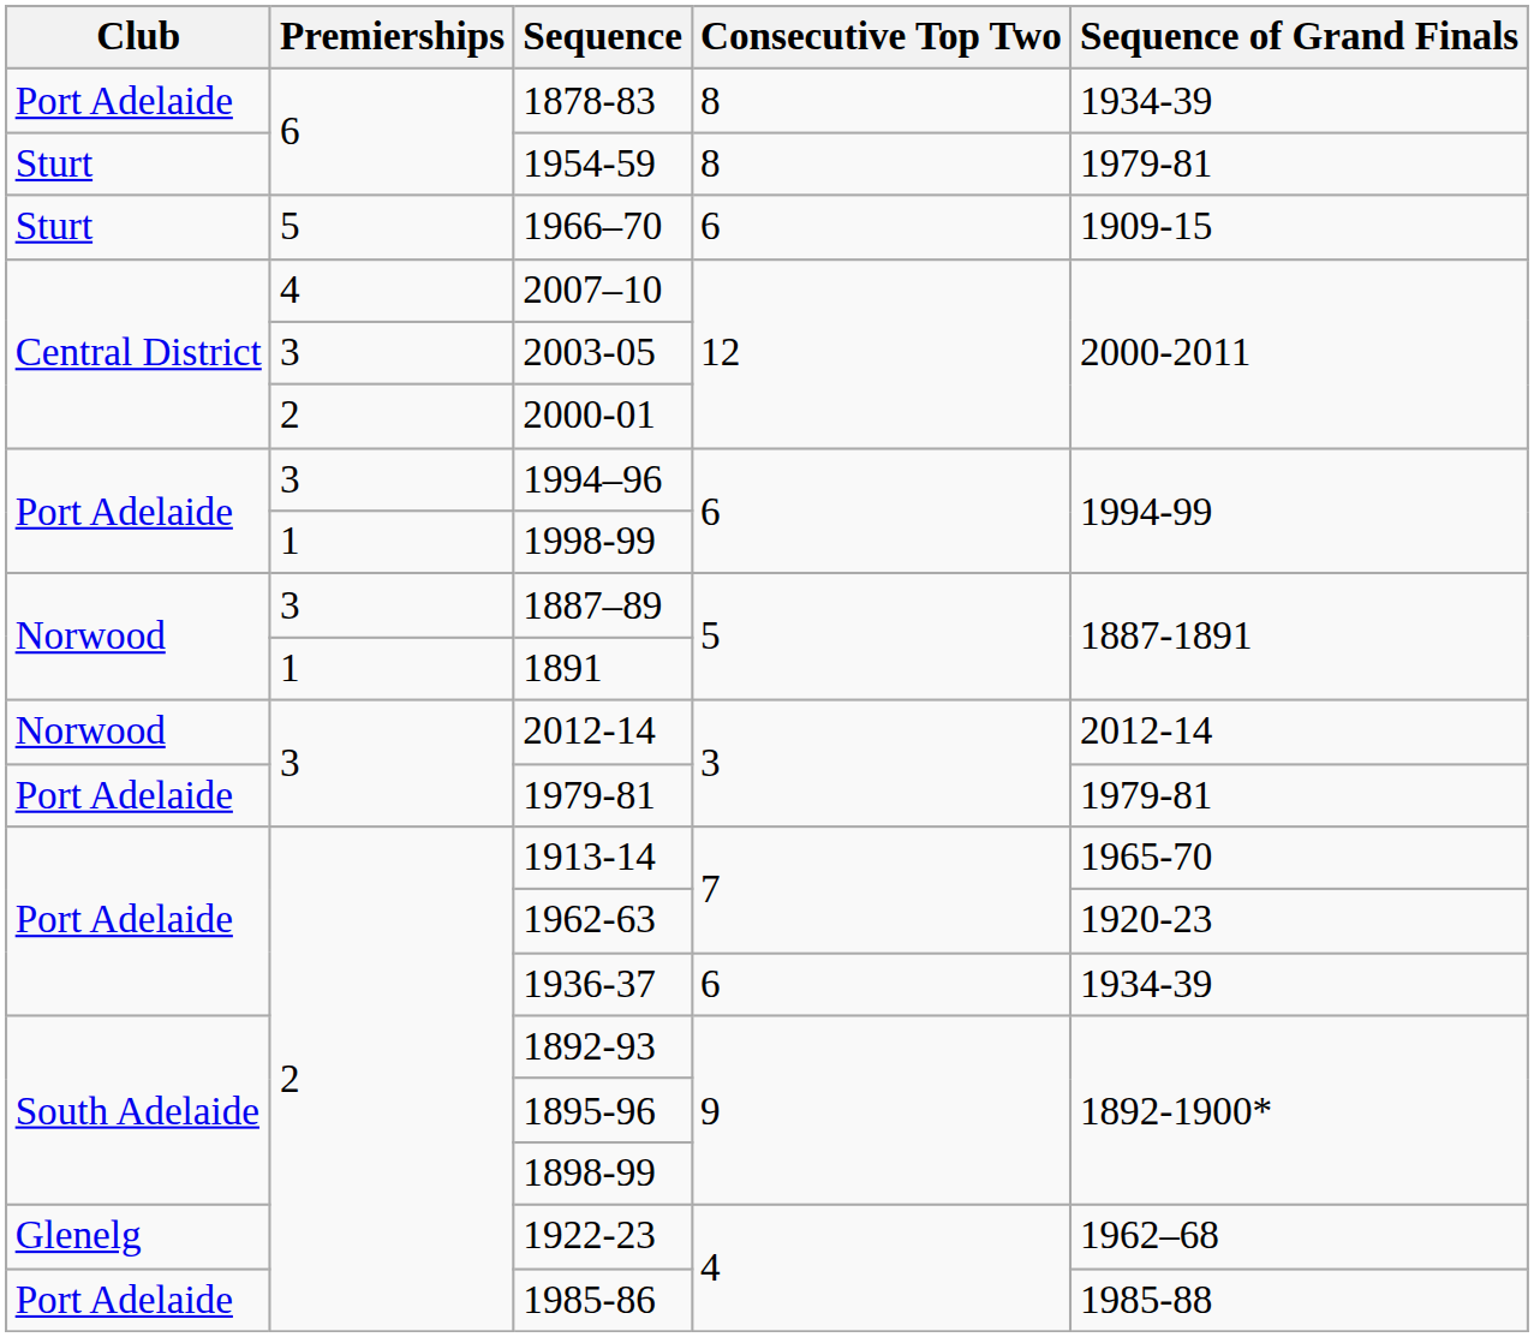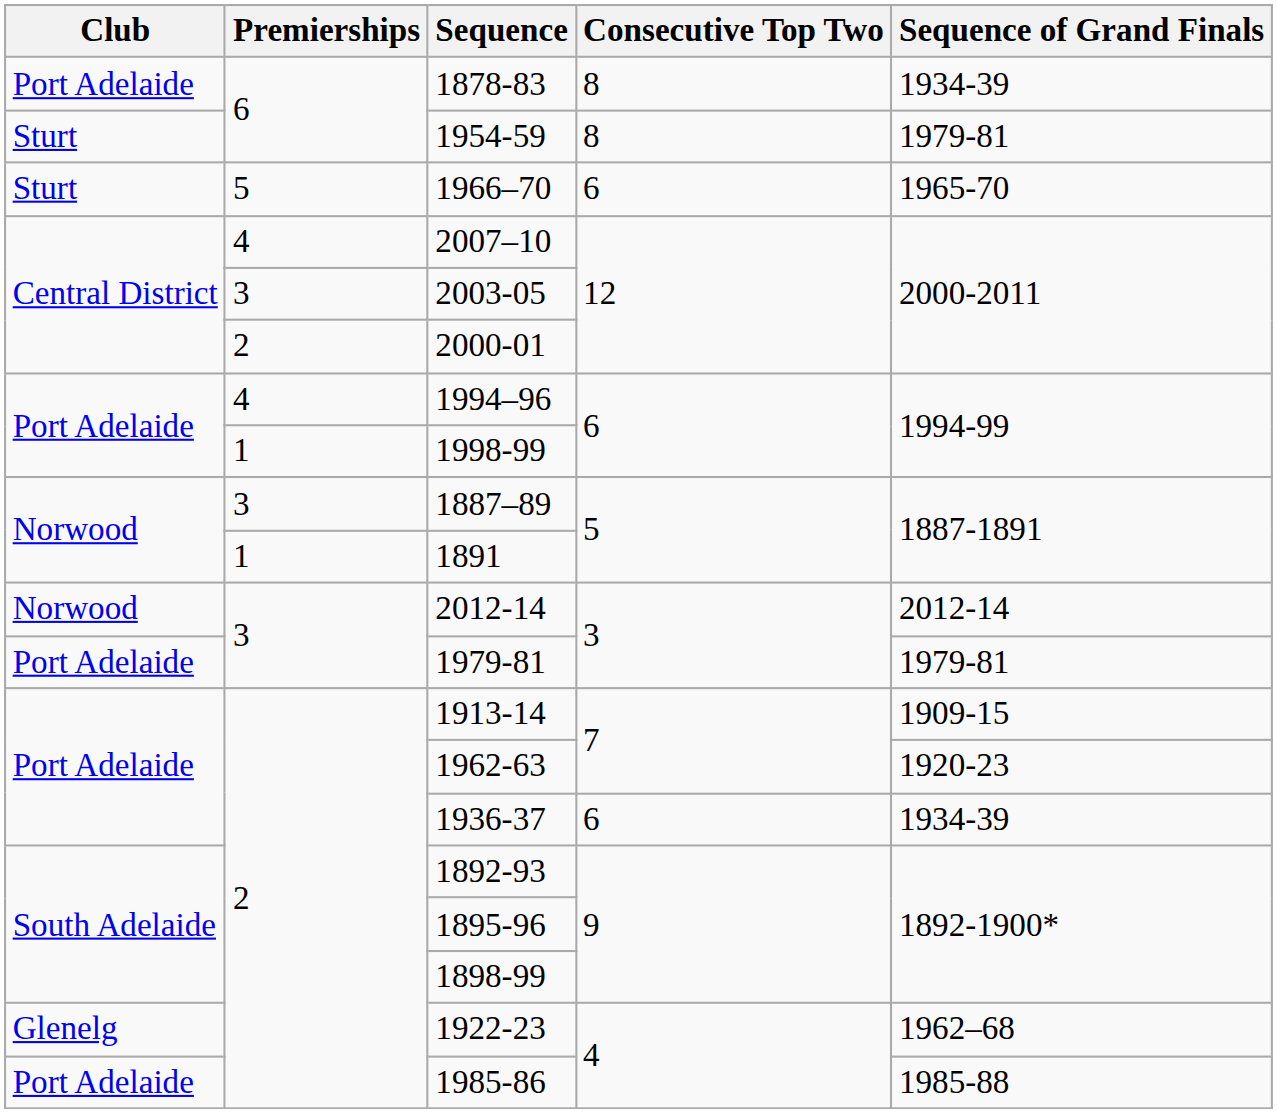 <table class="wikitable">
 <tr>
 <th>Club</th>
 <th>Premierships</th>
 <th>Sequence</th>
 <th>Consecutive Top Two</th>
 <th>Sequence of Grand Finals</th>
 </tr>
 <tr>
 <td><a href='#'>Port Adelaide</a></td>
 <td rowspan="2">6</td>
 <td>1878-83</td>
 <td>8</td>
 <td>1934-39</td>
 </tr>
 <tr>
 <td><a href='#'>Sturt</a></td>
 <td>1954-59</td>
 <td>8</td>
 <td>1979-81</td>
 </tr>
 <tr>
 <td><a href='#'>Sturt</a></td>
 <td>5</td>
 <td>1966–70</td>
 <td>6</td>
-<td>1909-15</td>
+<td>1965-70</td>
 </tr>
 <tr>
 <td rowspan="3"><a href='#'>Central District</a></td>
 <td>4</td>
 <td>2007–10</td>
 <td rowspan="3">12</td>
 <td rowspan="3">2000-2011</td>
 </tr>
 <tr>
 <td>3</td>
 <td>2003-05</td>
 </tr>
 <tr>
 <td>2</td>
 <td>2000-01</td>
 </tr>
 <tr>
 <td rowspan="2"><a href='#'>Port Adelaide</a></td>
-<td>3</td>
+<td>4</td>
 <td>1994–96</td>
 <td rowspan="2">6</td>
 <td rowspan="2">1994-99</td>
 </tr>
 <tr>
 <td>1</td>
 <td>1998-99</td>
 </tr>
 <tr>
 <td rowspan="2"><a href='#'>Norwood</a></td>
 <td>3</td>
 <td>1887–89</td>
 <td rowspan="2">5</td>
 <td rowspan="2">1887-1891</td>
 </tr>
 <tr>
 <td>1</td>
 <td>1891</td>
 </tr>
 <tr>
 <td><a href='#'>Norwood</a></td>
 <td rowspan="2">3</td>
 <td>2012-14</td>
 <td rowspan="2">3</td>
 <td>2012-14</td>
 </tr>
 <tr>
 <td><a href='#'>Port Adelaide</a></td>
 <td>1979-81</td>
 <td>1979-81</td>
 </tr>
 <tr>
 <td rowspan="3"><a href='#'>Port Adelaide</a></td>
 <td rowspan="8">2</td>
 <td>1913-14</td>
 <td rowspan="2">7</td>
-<td>1965-70</td>
+<td>1909-15</td>
 </tr>
 <tr>
 <td>1962-63</td>
 <td>1920-23</td>
 </tr>
 <tr>
 <td>1936-37</td>
 <td>6</td>
 <td>1934-39</td>
 </tr>
 <tr>
 <td rowspan="3"><a href='#'>South Adelaide</a></td>
 <td>1892-93</td>
 <td rowspan="3">9</td>
 <td rowspan="3">1892-1900*</td>
 </tr>
 <tr>
 <td>1895-96</td>
 </tr>
 <tr>
 <td>1898-99</td>
 </tr>
 <tr>
 <td><a href='#'>Glenelg</a></td>
 <td>1922-23</td>
 <td rowspan="2">4</td>
 <td>1962–68</td>
 </tr>
 <tr>
 <td><a href='#'>Port Adelaide</a></td>
 <td>1985-86</td>
 <td>1985-88</td>
 </tr>
 </table>
